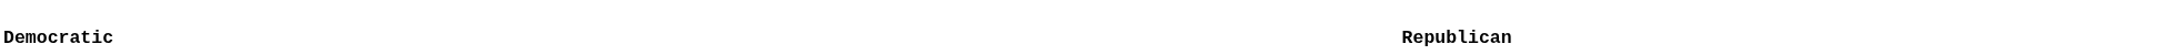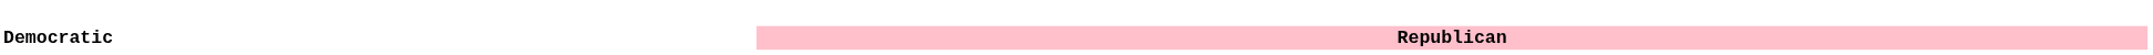 <table style="width:100%; text-align:center">
 <tr style="color:white">
 <td style="background:"><strong>235</strong></td>
 <td style="background:"><strong>199</strong></td>
 </tr>
 <tr>
 <td style="color:"><strong>Democratic</strong></td>
-<td style="color:"><strong>Republican</strong></td>
+<td style="background: pink; color:"><strong>Republican</strong></td>
 </tr>
 </table>
